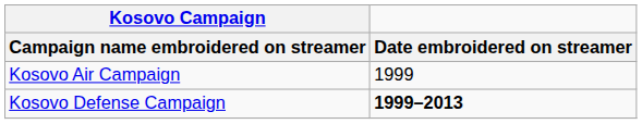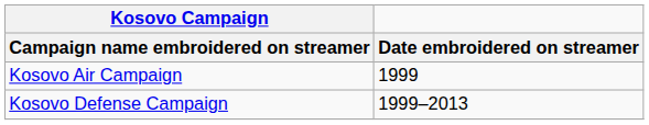 <table class="wikitable">
 <tr>
 <th><a href='#'>Kosovo Campaign</a></th>
 <td colspan="2"></td>
 </tr>
 <tr>
 <th>Campaign name embroidered on streamer</th>
 <th>Date embroidered on streamer</th>
 </tr>
 <tr>
 <td><a href='#'>Kosovo Air Campaign</a></td>
 <td>1999</td>
 </tr>
 <tr>
 <td><a href='#'>Kosovo Defense Campaign</a></td>
-<td><strong>1999–2013</strong></td>
+<td>1999–2013</td>
 </tr>
 <tr>
 </tr>
 </table>
